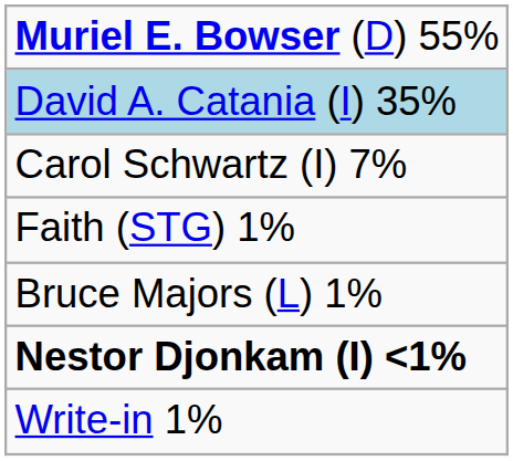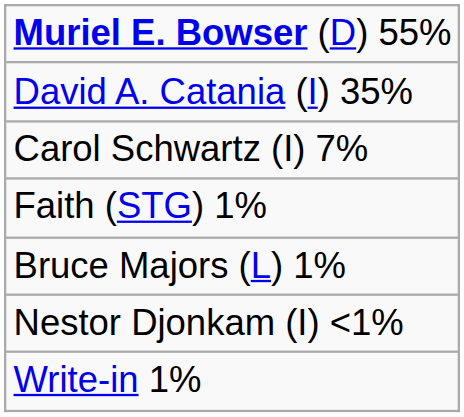 <table class="wikitable">
 <tr>
 <td><strong><a href='#'>Muriel E. Bowser</a></strong> (<a href='#'>D</a>) 55%</td>
 </tr>
 <tr>
-<td style="background: lightblue;"><a href='#'>David A. Catania</a> (<a href='#'>I</a>) 35%</td>
+<td><a href='#'>David A. Catania</a> (<a href='#'>I</a>) 35%</td>
 </tr>
 <tr>
 <td>Carol Schwartz (I) 7%</td>
 </tr>
 <tr>
 <td>Faith (<a href='#'>STG</a>) 1%</td>
 </tr>
 <tr>
 <td>Bruce Majors (<a href='#'>L</a>) 1%</td>
 </tr>
 <tr>
-<td><strong>Nestor Djonkam (I) <1%</strong></td>
+<td>Nestor Djonkam (I) <1%</td>
 </tr>
 <tr>
 <td><a href='#'>Write-in</a> 1%</td>
 </tr>
 </table>
